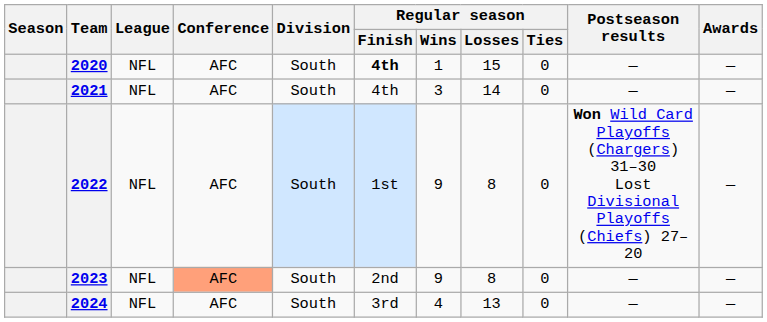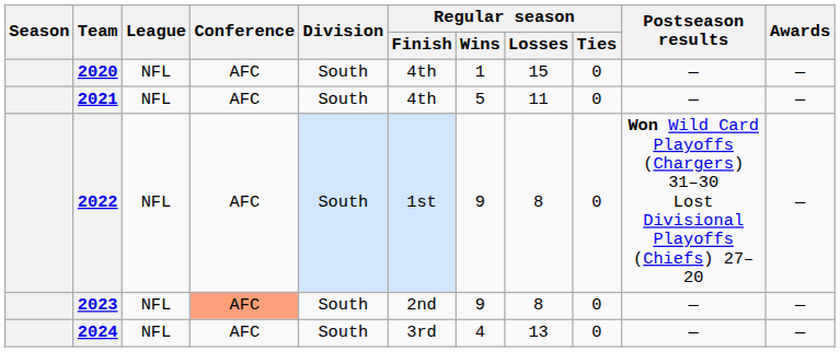 <table class="wikitable" style="font-size:95%; text-align:center;">
 <tr>
 <th rowspan="2">Season</th>
 <th rowspan="2">Team</th>
 <th rowspan="2">League</th>
 <th rowspan="2">Conference</th>
 <th rowspan="2">Division</th>
 <th colspan="4">Regular season</th>
 <th rowspan="2">Postseason results</th>
 <th rowspan="2">Awards</th>
 </tr>
 <tr>
 <th>Finish</th>
 <th>Wins</th>
 <th>Losses</th>
 <th>Ties</th>
 </tr>
 <tr>
 <th></th>
 <th><a href='#'>2020</a></th>
 <td>NFL</td>
 <td>AFC</td>
 <td>South</td>
-<td><strong>4th</strong></td>
+<td>4th</td>
 <td>1</td>
 <td>15</td>
 <td>0</td>
 <td>—</td>
 <td>—</td>
 </tr>
 <tr>
 <th></th>
 <th><a href='#'>2021</a></th>
 <td>NFL</td>
 <td>AFC</td>
 <td>South</td>
 <td>4th</td>
-<td>3</td>
-<td>14</td>
+<td>5</td>
+<td>11</td>
 <td>0</td>
 <td>—</td>
 <td>—</td>
 </tr>
 <tr>
 <th></th>
 <th><a href='#'>2022</a></th>
 <td>NFL</td>
 <td>AFC</td>
 <td style="background:#d0e7ff;">South</td>
 <td style="background:#d0e7ff;">1st</td>
 <td>9</td>
 <td>8</td>
 <td>0</td>
 <td><strong>Won</strong> <a href='#'>Wild Card Playoffs</a> (<a href='#'>Chargers</a>) 31–30<br>Lost <a href='#'>Divisional Playoffs</a> (<a href='#'>Chiefs</a>) 27–20</td>
 <td>—</td>
 </tr>
 <tr>
 <th></th>
 <th><a href='#'>2023</a></th>
 <td>NFL</td>
 <td style="background: lightsalmon;">AFC</td>
 <td>South</td>
 <td>2nd</td>
 <td>9</td>
 <td>8</td>
 <td>0</td>
 <td>—</td>
 <td>—</td>
 </tr>
 <tr>
 <th></th>
 <th><a href='#'>2024</a></th>
 <td>NFL</td>
 <td>AFC</td>
 <td>South</td>
 <td>3rd</td>
 <td>4</td>
 <td>13</td>
 <td>0</td>
 <td>—</td>
 <td>—</td>
 </tr>
 </table>
